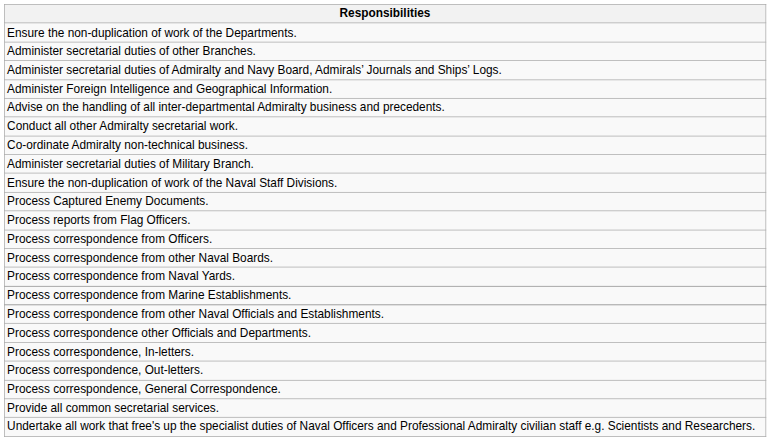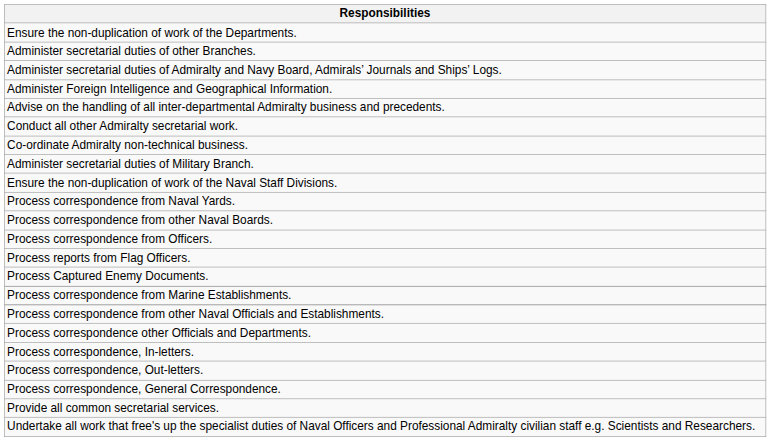 <table class="collapsible wikitable collapsed" style="width: 65%">
 <tr>
 <th>Responsibilities</th>
 </tr>
 <tr>
 <td>Ensure the non-duplication of work of the Departments.</td>
 </tr>
 <tr>
 <td>Administer secretarial duties of other Branches.</td>
 </tr>
 <tr>
 <td>Administer secretarial duties of Admiralty and Navy Board, Admirals’ Journals and Ships’ Logs.</td>
 </tr>
 <tr>
 <td>Administer Foreign Intelligence and Geographical Information.</td>
 </tr>
 <tr>
 <td>Advise on the handling of all inter-departmental Admiralty business and precedents.</td>
 </tr>
 <tr>
 <td>Conduct all other Admiralty secretarial work.</td>
 </tr>
 <tr>
 <td>Co-ordinate Admiralty non-technical business.</td>
 </tr>
 <tr>
 <td>Administer secretarial duties of Military Branch.</td>
 </tr>
 <tr>
 <td>Ensure the non-duplication of work of the Naval Staff Divisions.</td>
 </tr>
 <tr>
-<td>Process Captured Enemy Documents.</td>
+<td>Process correspondence from Naval Yards.</td>
+</tr>
+<tr>
+<td>Process correspondence from other Naval Boards.</td>
+</tr>
+<tr>
+<td>Process correspondence from Officers.</td>
 </tr>
 <tr>
 <td>Process reports from Flag Officers.</td>
 </tr>
 <tr>
-<td>Process correspondence from Officers.</td>
-</tr>
-<tr>
-<td>Process correspondence from other Naval Boards.</td>
-</tr>
-<tr>
-<td>Process correspondence from Naval Yards.</td>
+<td>Process Captured Enemy Documents.</td>
 </tr>
 <tr>
 </tr>
 <tr>
 <td>Process correspondence from Marine Establishments.</td>
 </tr>
 <tr>
 </tr>
 <tr>
 <td>Process correspondence from other Naval Officials and Establishments.</td>
 </tr>
 <tr>
 <td>Process correspondence other Officials and Departments.</td>
 </tr>
 <tr>
 <td>Process correspondence, In-letters.</td>
 </tr>
 <tr>
 <td>Process correspondence, Out-letters.</td>
 </tr>
 <tr>
 <td>Process correspondence, General Correspondence.</td>
 </tr>
 <tr>
 <td>Provide all common secretarial services.</td>
 </tr>
 <tr>
 <td>Undertake all work that free's up the specialist duties of Naval Officers and Professional Admiralty civilian staff e.g. Scientists and Researchers.</td>
 </tr>
 </table>
